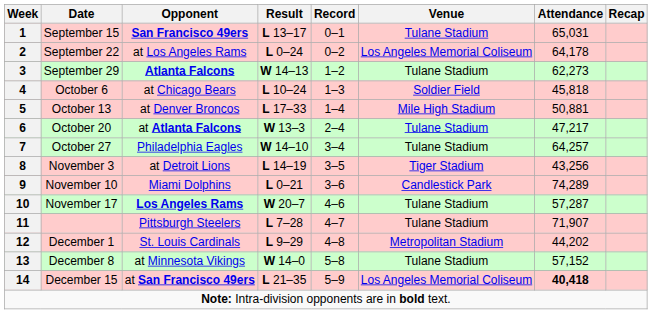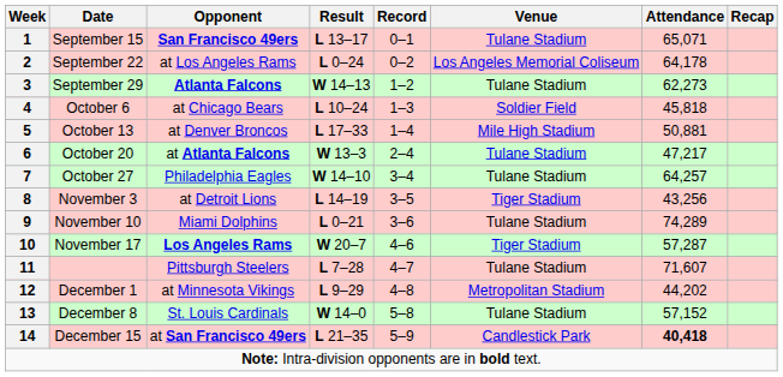 <table class="wikitable" style="text-align:center">
 <tr>
 <th>Week</th>
 <th>Date</th>
 <th>Opponent</th>
 <th>Result</th>
 <th>Record</th>
 <th>Venue</th>
 <th>Attendance</th>
 <th>Recap</th>
 </tr>
 <tr style="background:#fcc">
 <th>1</th>
 <td>September 15</td>
 <td><strong><a href='#'>San Francisco 49ers</a></strong></td>
 <td><strong>L</strong> 13–17</td>
 <td>0–1</td>
 <td><a href='#'>Tulane Stadium</a></td>
-<td>65,031</td>
+<td>65,071</td>
 <td></td>
 </tr>
 <tr style="background:#fcc">
 <th>2</th>
 <td>September 22</td>
 <td>at <a href='#'>Los Angeles Rams</a></td>
 <td><strong>L</strong> 0–24</td>
 <td>0–2</td>
 <td><a href='#'>Los Angeles Memorial Coliseum</a></td>
 <td>64,178</td>
 <td></td>
 </tr>
 <tr style="background:#cfc">
 <th>3</th>
 <td>September 29</td>
 <td><strong><a href='#'>Atlanta Falcons</a></strong></td>
 <td><strong>W</strong> 14–13</td>
 <td>1–2</td>
 <td>Tulane Stadium</td>
 <td>62,273</td>
 <td></td>
 </tr>
 <tr style="background:#fcc">
 <th>4</th>
 <td>October 6</td>
 <td>at <a href='#'>Chicago Bears</a></td>
 <td><strong>L</strong> 10–24</td>
 <td>1–3</td>
 <td><a href='#'>Soldier Field</a></td>
 <td>45,818</td>
 <td></td>
 </tr>
 <tr style="background:#fcc">
 <th>5</th>
 <td>October 13</td>
 <td>at <a href='#'>Denver Broncos</a></td>
 <td><strong>L</strong> 17–33</td>
 <td>1–4</td>
 <td><a href='#'>Mile High Stadium</a></td>
 <td>50,881</td>
 <td></td>
 </tr>
 <tr style="background:#cfc">
 <th>6</th>
 <td>October 20</td>
 <td>at <strong><a href='#'>Atlanta Falcons</a></strong></td>
 <td><strong>W</strong> 13–3</td>
 <td>2–4</td>
 <td><a href='#'>Tulane Stadium</a></td>
 <td>47,217</td>
 <td></td>
 </tr>
 <tr style="background:#cfc">
 <th>7</th>
 <td>October 27</td>
 <td><a href='#'>Philadelphia Eagles</a></td>
 <td><strong>W</strong> 14–10</td>
 <td>3–4</td>
 <td>Tulane Stadium</td>
 <td>64,257</td>
 <td></td>
 </tr>
 <tr style="background:#fcc">
 <th>8</th>
 <td>November 3</td>
 <td>at <a href='#'>Detroit Lions</a></td>
 <td><strong>L</strong> 14–19</td>
 <td>3–5</td>
 <td><a href='#'>Tiger Stadium</a></td>
 <td>43,256</td>
 <td></td>
 </tr>
 <tr style="background:#fcc">
 <th>9</th>
 <td>November 10</td>
 <td><a href='#'>Miami Dolphins</a></td>
 <td><strong>L</strong> 0–21</td>
 <td>3–6</td>
-<td><a href='#'>Candlestick Park</a></td>
+<td>Tulane Stadium</td>
 <td>74,289</td>
 <td></td>
 </tr>
 <tr style="background:#cfc">
 <th>10</th>
 <td>November 17</td>
 <td><strong><a href='#'>Los Angeles Rams</a></strong></td>
 <td><strong>W</strong> 20–7</td>
 <td>4–6</td>
-<td>Tulane Stadium</td>
+<td><a href='#'>Tiger Stadium</a></td>
 <td>57,287</td>
 <td></td>
 </tr>
 <tr style="background:#fcc">
 <th>11</th>
 <td></td>
 <td><a href='#'>Pittsburgh Steelers</a></td>
 <td><strong>L</strong> 7–28</td>
 <td>4–7</td>
 <td>Tulane Stadium</td>
-<td>71,907</td>
+<td>71,607</td>
 <td></td>
 </tr>
 <tr style="background:#fcc">
 <th>12</th>
 <td>December 1</td>
-<td><a href='#'>St. Louis Cardinals</a></td>
+<td>at <a href='#'>Minnesota Vikings</a></td>
 <td><strong>L</strong> 9–29</td>
 <td>4–8</td>
 <td><a href='#'>Metropolitan Stadium</a></td>
 <td>44,202</td>
 <td></td>
 </tr>
 <tr style="background:#cfc">
 <th>13</th>
 <td>December 8</td>
-<td>at <a href='#'>Minnesota Vikings</a></td>
+<td><a href='#'>St. Louis Cardinals</a></td>
 <td><strong>W</strong> 14–0</td>
 <td>5–8</td>
 <td>Tulane Stadium</td>
 <td>57,152</td>
 <td></td>
 </tr>
 <tr style="background:#fcc">
 <th>14</th>
 <td>December 15</td>
 <td>at <strong><a href='#'>San Francisco 49ers</a></strong></td>
 <td><strong>L</strong> 21–35</td>
 <td>5–9</td>
-<td><a href='#'>Los Angeles Memorial Coliseum</a></td>
+<td><a href='#'>Candlestick Park</a></td>
 <td><strong>40,418</strong></td>
 <td></td>
 </tr>
 <tr>
 <td colspan="8"><strong>Note:</strong> Intra-division opponents are in <strong>bold</strong> text.</td>
 </tr>
 </table>
